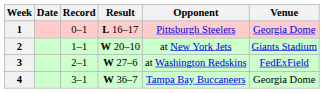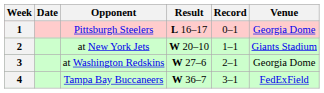 <table class="wikitable" style="text-align:center">
 <tr>
 <th>Week</th>
 <th>Date</th>
+<th>Opponent</th>
+<th>Result</th>
 <th>Record</th>
-<th>Result</th>
-<th>Opponent</th>
 <th>Venue</th>
 </tr>
 <tr style="background: #fcc;">
 <th>1</th>
 <td></td>
+<td><a href='#'>Pittsburgh Steelers</a></td>
+<td><strong>L</strong> 16–17</td>
 <td>0–1</td>
-<td><strong>L</strong> 16–17</td>
-<td><a href='#'>Pittsburgh Steelers</a></td>
 <td><a href='#'>Georgia Dome</a></td>
 </tr>
 <tr style="background: #cfc;">
 <th>2</th>
 <td></td>
+<td>at <a href='#'>New York Jets</a></td>
+<td><strong>W</strong> 20–10</td>
 <td>1–1</td>
-<td><strong>W</strong> 20–10</td>
-<td>at <a href='#'>New York Jets</a></td>
 <td><a href='#'>Giants Stadium</a></td>
 </tr>
 <tr style="background: #cfc;">
 <th>3</th>
 <td></td>
+<td>at <a href='#'>Washington Redskins</a></td>
+<td><strong>W</strong> 27–6</td>
 <td>2–1</td>
-<td><strong>W</strong> 27–6</td>
-<td>at <a href='#'>Washington Redskins</a></td>
-<td><a href='#'>FedExField</a></td>
+<td>Georgia Dome</td>
 </tr>
 <tr style="background: #cfc;">
 <th>4</th>
 <td></td>
+<td><a href='#'>Tampa Bay Buccaneers</a></td>
+<td><strong>W</strong> 36–7</td>
 <td>3–1</td>
-<td><strong>W</strong> 36–7</td>
-<td><a href='#'>Tampa Bay Buccaneers</a></td>
-<td>Georgia Dome</td>
+<td><a href='#'>FedExField</a></td>
 </tr>
 </table>
